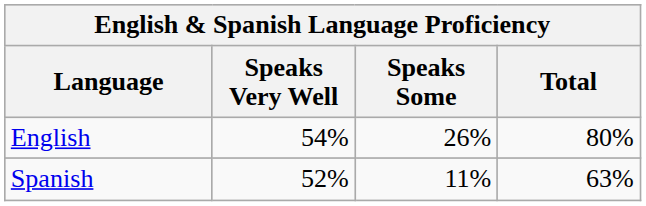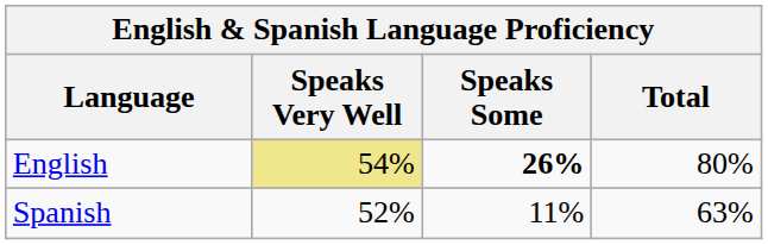 <table class="wikitable">
 <tr>
 <th colspan="5">English & Spanish Language Proficiency</th>
 </tr>
 <tr>
 <th width="120">Language</th>
 <th width="80">Speaks Very Well</th>
 <th width="80">Speaks Some</th>
 <th width="80">Total</th>
 </tr>
 <tr align=right>
 <td align=left><a href='#'>English</a></td>
-<td>54%</td>
-<td>26%</td>
+<td style="background: khaki;">54%</td>
+<td><strong>26%</strong></td>
 <td>80%</td>
 </tr>
 <tr align=right>
 <td align=left><a href='#'>Spanish</a></td>
 <td>52%</td>
 <td>11%</td>
 <td>63%</td>
 </tr>
 </table>
